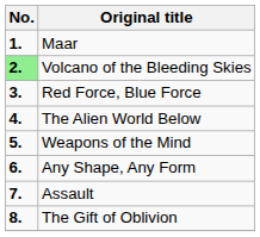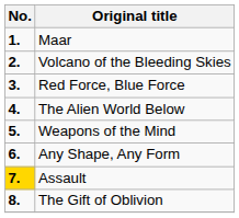 <table class="wikitable">
 <tr>
 <th>No.</th>
 <th>Original title</th>
 </tr>
 <tr>
 <td><strong>1.</strong></td>
 <td>Maar</td>
 </tr>
 <tr>
-<td style="background: lightgreen;"><strong>2.</strong></td>
+<td><strong>2.</strong></td>
 <td>Volcano of the Bleeding Skies</td>
 </tr>
 <tr>
 <td><strong>3.</strong></td>
 <td>Red Force, Blue Force</td>
 </tr>
 <tr>
 <td><strong>4.</strong></td>
 <td>The Alien World Below</td>
 </tr>
 <tr>
 <td><strong>5.</strong></td>
 <td>Weapons of the Mind</td>
 </tr>
 <tr>
 <td><strong>6.</strong></td>
 <td>Any Shape, Any Form</td>
 </tr>
 <tr>
-<td><strong>7.</strong></td>
+<td style="background: gold;"><strong>7.</strong></td>
 <td>Assault</td>
 </tr>
 <tr>
 <td><strong>8.</strong></td>
 <td>The Gift of Oblivion</td>
 </tr>
 <tr>
 </tr>
 </table>
